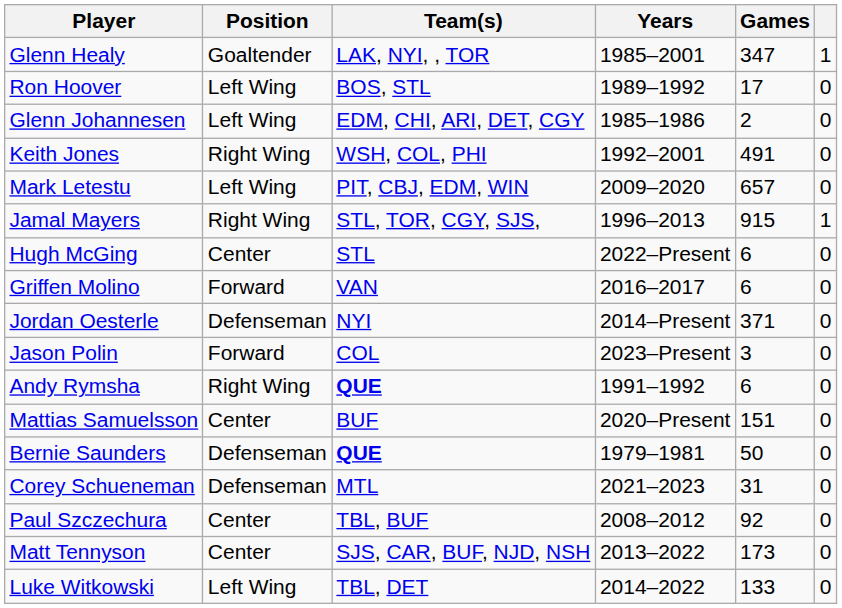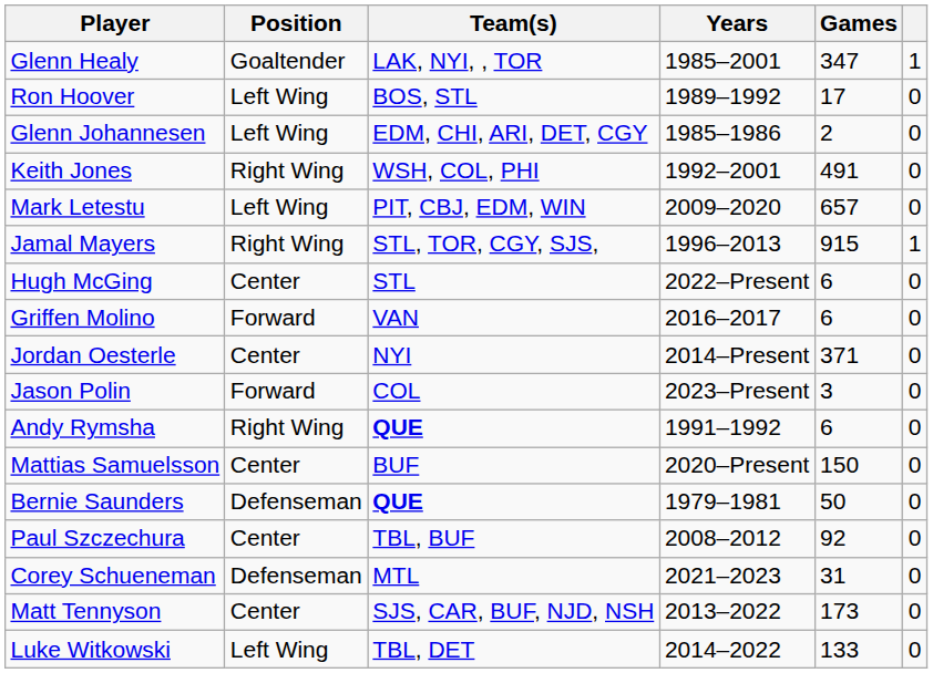 <table class="wikitable sortable">
 <tr>
 <th>Player</th>
 <th>Position</th>
 <th>Team(s)</th>
 <th>Years</th>
 <th>Games</th>
 <th><a href='#'></a></th>
 </tr>
 <tr>
 <td><a href='#'>Glenn Healy</a></td>
 <td>Goaltender</td>
 <td><a href='#'>LAK</a>, <a href='#'>NYI</a>, <span><strong></strong></span>, <a href='#'>TOR</a></td>
 <td>1985–2001</td>
 <td>347</td>
 <td>1</td>
 </tr>
 <tr>
 <td><a href='#'>Ron Hoover</a></td>
 <td>Left Wing</td>
 <td><a href='#'>BOS</a>, <a href='#'>STL</a></td>
 <td>1989–1992</td>
 <td>17</td>
 <td>0</td>
 </tr>
 <tr>
 <td><a href='#'>Glenn Johannesen</a></td>
 <td>Left Wing</td>
 <td><a href='#'>EDM</a>, <a href='#'>CHI</a>, <a href='#'>ARI</a>, <a href='#'>DET</a>, <a href='#'>CGY</a></td>
 <td>1985–1986</td>
 <td>2</td>
 <td>0</td>
 </tr>
 <tr>
 <td><a href='#'>Keith Jones</a></td>
 <td>Right Wing</td>
 <td><a href='#'>WSH</a>, <a href='#'>COL</a>, <a href='#'>PHI</a></td>
 <td>1992–2001</td>
 <td>491</td>
 <td>0</td>
 </tr>
 <tr>
 <td><a href='#'>Mark Letestu</a></td>
 <td>Left Wing</td>
 <td><a href='#'>PIT</a>, <a href='#'>CBJ</a>, <a href='#'>EDM</a>, <a href='#'>WIN</a></td>
 <td>2009–2020</td>
 <td>657</td>
 <td>0</td>
 </tr>
 <tr>
 <td><a href='#'>Jamal Mayers</a></td>
 <td>Right Wing</td>
 <td><a href='#'>STL</a>, <a href='#'>TOR</a>, <a href='#'>CGY</a>, <a href='#'>SJS</a>, <span><strong></strong></span></td>
 <td>1996–2013</td>
 <td>915</td>
 <td>1</td>
 </tr>
 <tr>
 <td><a href='#'>Hugh McGing</a></td>
 <td>Center</td>
 <td><a href='#'>STL</a></td>
 <td>2022–Present</td>
 <td>6</td>
 <td>0</td>
 </tr>
 <tr>
 <td><a href='#'>Griffen Molino</a></td>
 <td>Forward</td>
 <td><a href='#'>VAN</a></td>
 <td>2016–2017</td>
 <td>6</td>
 <td>0</td>
 </tr>
 <tr>
 <td><a href='#'>Jordan Oesterle</a></td>
-<td>Defenseman</td>
+<td>Center</td>
 <td><a href='#'>NYI</a></td>
 <td>2014–Present</td>
 <td>371</td>
 <td>0</td>
 </tr>
 <tr>
 <td><a href='#'>Jason Polin</a></td>
 <td>Forward</td>
 <td><a href='#'>COL</a></td>
 <td>2023–Present</td>
 <td>3</td>
 <td>0</td>
 </tr>
 <tr>
 <td><a href='#'>Andy Rymsha</a></td>
 <td>Right Wing</td>
 <td><strong><a href='#'>QUE</a></strong></td>
 <td>1991–1992</td>
 <td>6</td>
 <td>0</td>
 </tr>
 <tr>
 <td><a href='#'>Mattias Samuelsson</a></td>
 <td>Center</td>
 <td><a href='#'>BUF</a></td>
 <td>2020–Present</td>
-<td>151</td>
+<td>150</td>
 <td>0</td>
 </tr>
 <tr>
 <td><a href='#'>Bernie Saunders</a></td>
 <td>Defenseman</td>
 <td><strong><a href='#'>QUE</a></strong></td>
 <td>1979–1981</td>
 <td>50</td>
 <td>0</td>
 </tr>
 <tr>
+<td><a href='#'>Paul Szczechura</a></td>
+<td>Center</td>
+<td><a href='#'>TBL</a>, <a href='#'>BUF</a></td>
+<td>2008–2012</td>
+<td>92</td>
+<td>0</td>
+</tr>
+<tr>
 <td><a href='#'>Corey Schueneman</a></td>
 <td>Defenseman</td>
 <td><a href='#'>MTL</a></td>
 <td>2021–2023</td>
 <td>31</td>
-<td>0</td>
-</tr>
-<tr>
-<td><a href='#'>Paul Szczechura</a></td>
-<td>Center</td>
-<td><a href='#'>TBL</a>, <a href='#'>BUF</a></td>
-<td>2008–2012</td>
-<td>92</td>
 <td>0</td>
 </tr>
 <tr>
 <td><a href='#'>Matt Tennyson</a></td>
 <td>Center</td>
 <td><a href='#'>SJS</a>, <a href='#'>CAR</a>, <a href='#'>BUF</a>, <a href='#'>NJD</a>, <a href='#'>NSH</a></td>
 <td>2013–2022</td>
 <td>173</td>
 <td>0</td>
 </tr>
 <tr>
 <td><a href='#'>Luke Witkowski</a></td>
 <td>Left Wing</td>
 <td><a href='#'>TBL</a>, <a href='#'>DET</a></td>
 <td>2014–2022</td>
 <td>133</td>
 <td>0</td>
 </tr>
 </table>
